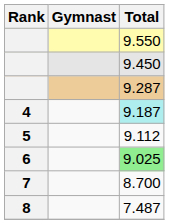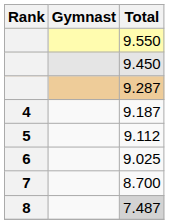 <table class="wikitable sortable" style="text-align:center; font-size:95%">
 <tr>
 <th scope=col>Rank</th>
 <th scope=col>Gymnast</th>
 <th scope=col>Total</th>
 </tr>
 <tr bgcolor=fffcaf>
 <th scope=row style="text-align:center"></th>
 <td align=left></td>
 <td>9.550</td>
 </tr>
 <tr bgcolor=e5e5e5>
 <th scope=row style="text-align:center"></th>
 <td align=left></td>
 <td>9.450</td>
 </tr>
 <tr bgcolor=eecc99>
 <th scope=row style="text-align:center"></th>
 <td align=left></td>
 <td>9.287</td>
 </tr>
 <tr>
 <th scope=row style="text-align:center">4</th>
 <td align=left></td>
-<td style="background: paleturquoise;">9.187</td>
+<td>9.187</td>
 </tr>
 <tr>
 <th scope=row style="text-align:center">5</th>
 <td align=left></td>
 <td>9.112</td>
 </tr>
 <tr>
 <th scope=row style="text-align:center">6</th>
 <td align=left></td>
-<td style="background: lightgreen;">9.025</td>
+<td>9.025</td>
 </tr>
 <tr>
 <th scope=row style="text-align:center">7</th>
 <td align=left></td>
 <td>8.700</td>
 </tr>
 <tr>
 <th scope=row style="text-align:center">8</th>
 <td align=left></td>
-<td>7.487</td>
+<td style="background: lightgrey;">7.487</td>
 </tr>
 <tr>
 </tr>
 </table>
